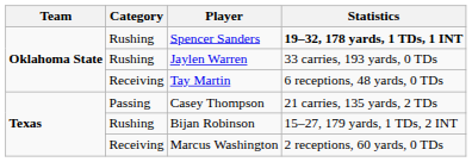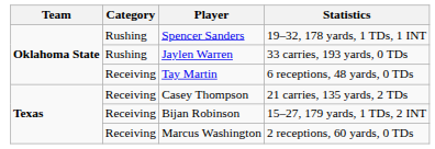 <table class="wikitable" style="float: right;">
 <tr>
 <th>Team</th>
 <th>Category</th>
 <th>Player</th>
 <th>Statistics</th>
 </tr>
 <tr>
 <td rowspan=3><strong>Oklahoma State</strong></td>
 <td>Rushing</td>
 <td><a href='#'>Spencer Sanders</a></td>
-<td><strong>19–32, 178 yards, 1 TDs, 1 INT</strong></td>
+<td>19–32, 178 yards, 1 TDs, 1 INT</td>
 </tr>
 <tr>
 <td>Rushing</td>
 <td><a href='#'>Jaylen Warren</a></td>
 <td>33 carries, 193 yards, 0 TDs</td>
 </tr>
 <tr>
 <td>Receiving</td>
 <td><a href='#'>Tay Martin</a></td>
 <td>6 receptions, 48 yards, 0 TDs</td>
 </tr>
 <tr>
 <td rowspan=3><strong>Texas</strong></td>
-<td>Passing</td>
+<td>Receiving</td>
 <td>Casey Thompson</td>
 <td>21 carries, 135 yards, 2 TDs</td>
 </tr>
 <tr>
-<td>Rushing</td>
+<td>Receiving</td>
 <td>Bijan Robinson</td>
 <td>15–27, 179 yards, 1 TDs, 2 INT</td>
 </tr>
 <tr>
 <td>Receiving</td>
 <td>Marcus Washington</td>
 <td>2 receptions, 60 yards, 0 TDs</td>
 </tr>
 </table>
